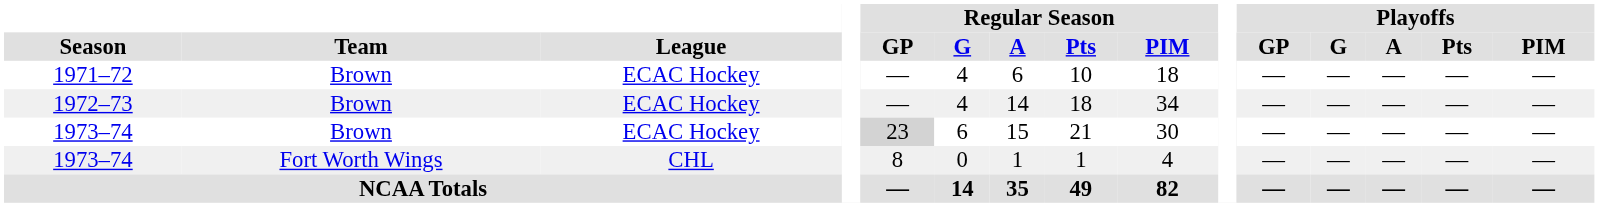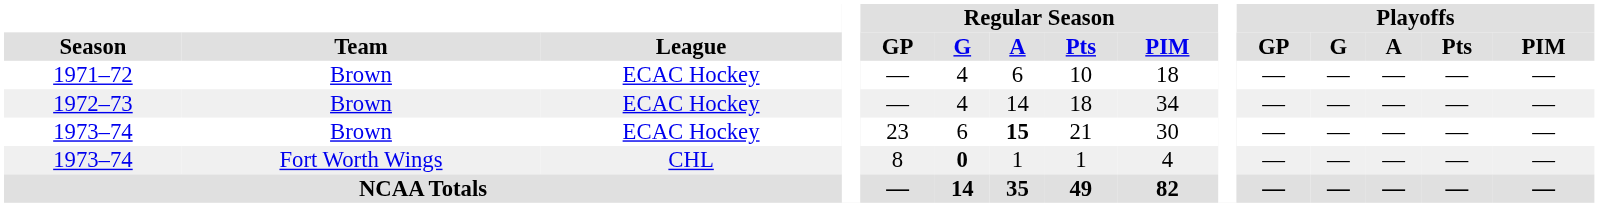 <table border="0" cellpadding="1" cellspacing="0" style="text-align:center; width:70em">
 <tr bgcolor="#e0e0e0">
 <th colspan="3"  bgcolor="#ffffff"> </th>
 <th rowspan="99" bgcolor="#ffffff"> </th>
 <th colspan="5">Regular Season</th>
 <th rowspan="99" bgcolor="#ffffff"> </th>
 <th colspan="5">Playoffs</th>
 </tr>
 <tr bgcolor="#e0e0e0">
 <th>Season</th>
 <th>Team</th>
 <th>League</th>
 <th>GP</th>
 <th><a href='#'>G</a></th>
 <th><a href='#'>A</a></th>
 <th><a href='#'>Pts</a></th>
 <th><a href='#'>PIM</a></th>
 <th>GP</th>
 <th>G</th>
 <th>A</th>
 <th>Pts</th>
 <th>PIM</th>
 </tr>
 <tr>
 <td><a href='#'>1971–72</a></td>
 <td><a href='#'>Brown</a></td>
 <td><a href='#'>ECAC Hockey</a></td>
 <td>—</td>
 <td>4</td>
 <td>6</td>
 <td>10</td>
 <td>18</td>
 <td>—</td>
 <td>—</td>
 <td>—</td>
 <td>—</td>
 <td>—</td>
 </tr>
 <tr bgcolor=f0f0f0>
 <td><a href='#'>1972–73</a></td>
 <td><a href='#'>Brown</a></td>
 <td><a href='#'>ECAC Hockey</a></td>
 <td>—</td>
 <td>4</td>
 <td>14</td>
 <td>18</td>
 <td>34</td>
 <td>—</td>
 <td>—</td>
 <td>—</td>
 <td>—</td>
 <td>—</td>
 </tr>
 <tr>
 <td><a href='#'>1973–74</a></td>
 <td><a href='#'>Brown</a></td>
 <td><a href='#'>ECAC Hockey</a></td>
-<td style="background: lightgrey;">23</td>
+<td>23</td>
 <td>6</td>
-<td>15</td>
+<td><strong>15</strong></td>
 <td>21</td>
 <td>30</td>
 <td>—</td>
 <td>—</td>
 <td>—</td>
 <td>—</td>
 <td>—</td>
 </tr>
 <tr bgcolor=f0f0f0>
 <td><a href='#'>1973–74</a></td>
 <td><a href='#'>Fort Worth Wings</a></td>
 <td><a href='#'>CHL</a></td>
 <td>8</td>
-<td>0</td>
+<td><strong>0</strong></td>
 <td>1</td>
 <td>1</td>
 <td>4</td>
 <td>—</td>
 <td>—</td>
 <td>—</td>
 <td>—</td>
 <td>—</td>
 </tr>
 <tr bgcolor="#e0e0e0">
 <th colspan="3">NCAA Totals</th>
 <th>—</th>
 <th>14</th>
 <th>35</th>
 <th>49</th>
 <th>82</th>
 <th>—</th>
 <th>—</th>
 <th>—</th>
 <th>—</th>
 <th>—</th>
 </tr>
 </table>
